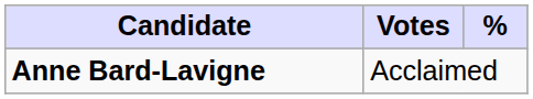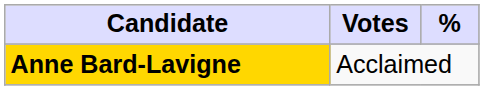 <table class="wikitable">
 <tr>
 <th style="background:#ddf; width:200px;">Candidate</th>
 <th style="background:#ddf; width:50px;">Votes</th>
 <th style="background:#ddf; width:30px;">%</th>
 </tr>
 <tr>
-<td><strong>Anne Bard-Lavigne</strong></td>
+<td style="background: gold;"><strong>Anne Bard-Lavigne</strong></td>
 <td colspan="2">Acclaimed</td>
 </tr>
 </table>
